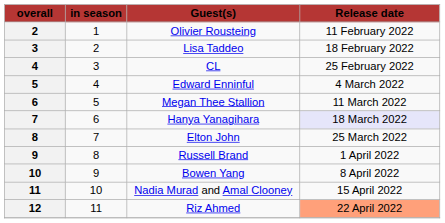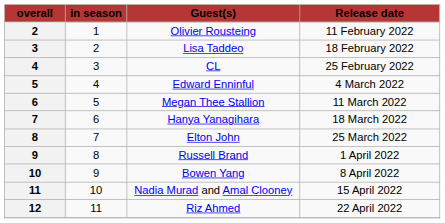 <table class="wikitable plainrowheaders" style="text-align:center;">
 <tr>
 <th scope="col" style="width:5em; background-color:#B53634"> overall</th>
 <th scope="col" style="width:5em; background-color:#B53634"> in season</th>
 <th scope="col" style="width:15em; background-color:#B53634">Guest(s)</th>
 <th scope="col" style="width:12em; background-color:#B53634">Release date</th>
 </tr>
 <tr>
 <th scope="row" style="text-align:center;">2</th>
 <td>1</td>
 <td><a href='#'>Olivier Rousteing</a></td>
 <td>11 February 2022</td>
 </tr>
 <tr>
 <th scope="row" style="text-align:center;">3</th>
 <td>2</td>
 <td><a href='#'>Lisa Taddeo</a></td>
 <td>18 February 2022</td>
 </tr>
 <tr>
 <th scope="row" style="text-align:center;">4</th>
 <td>3</td>
 <td><a href='#'>CL</a></td>
 <td>25 February 2022</td>
 </tr>
 <tr>
 <th scope="row" style="text-align:center;">5</th>
 <td>4</td>
 <td><a href='#'>Edward Enninful</a></td>
 <td>4 March 2022</td>
 </tr>
 <tr>
 <th scope="row" style="text-align:center;">6</th>
 <td>5</td>
 <td><a href='#'>Megan Thee Stallion</a></td>
 <td>11 March 2022</td>
 </tr>
 <tr>
 <th scope="row" style="text-align:center;">7</th>
 <td>6</td>
 <td><a href='#'>Hanya Yanagihara</a></td>
-<td style="background: lavender;">18 March 2022</td>
+<td>18 March 2022</td>
 </tr>
 <tr>
 <th scope="row" style="text-align:center;">8</th>
 <td>7</td>
 <td><a href='#'>Elton John</a></td>
 <td>25 March 2022</td>
 </tr>
 <tr>
 <th scope="row" style="text-align:center;">9</th>
 <td>8</td>
 <td><a href='#'>Russell Brand</a></td>
 <td>1 April 2022</td>
 </tr>
 <tr>
 <th scope="row" style="text-align:center;">10</th>
 <td>9</td>
 <td><a href='#'>Bowen Yang</a></td>
 <td>8 April 2022</td>
 </tr>
 <tr>
 <th scope="row" style="text-align:center;">11</th>
 <td>10</td>
 <td><a href='#'>Nadia Murad</a> and <a href='#'>Amal Clooney</a></td>
 <td>15 April 2022</td>
 </tr>
 <tr>
 <th scope="row" style="text-align:center;">12</th>
 <td>11</td>
 <td><a href='#'>Riz Ahmed</a></td>
-<td style="background: lightsalmon;">22 April 2022</td>
+<td>22 April 2022</td>
 </tr>
 <tr>
 </tr>
 </table>
